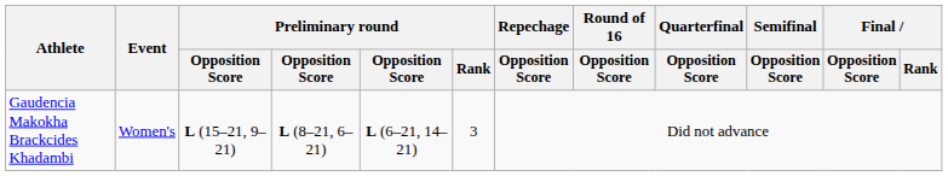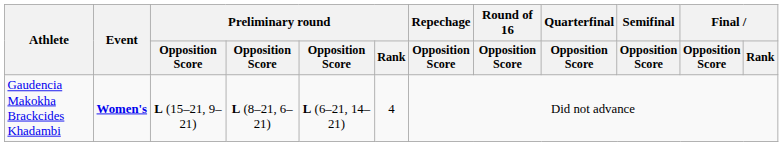 <table class=wikitable style=font-size:90%;text-align:center>
 <tr>
 <th rowspan=2>Athlete</th>
 <th rowspan=2>Event</th>
 <th colspan=4>Preliminary round</th>
 <th>Repechage</th>
 <th>Round of 16</th>
 <th>Quarterfinal</th>
 <th>Semifinal</th>
 <th colspan=2>Final / </th>
 </tr>
 <tr style=font-size:95%>
 <th>Opposition<br>Score</th>
 <th>Opposition<br>Score</th>
 <th>Opposition<br>Score</th>
 <th>Rank</th>
 <th>Opposition<br>Score</th>
 <th>Opposition<br>Score</th>
 <th>Opposition<br>Score</th>
 <th>Opposition<br>Score</th>
 <th>Opposition<br>Score</th>
 <th>Rank</th>
 </tr>
 <tr>
 <td align=left><a href='#'>Gaudencia Makokha</a><br><a href='#'>Brackcides Khadambi</a></td>
-<td align=left><a href='#'>Women's</a></td>
+<td align=left><strong><a href='#'>Women's</a></strong></td>
 <td><br><strong>L</strong> (15–21, 9–21)</td>
 <td><br><strong>L</strong> (8–21, 6–21)</td>
 <td><br><strong>L</strong> (6–21, 14–21)</td>
-<td>3</td>
+<td>4</td>
 <td colspan=6>Did not advance</td>
 </tr>
 </table>
